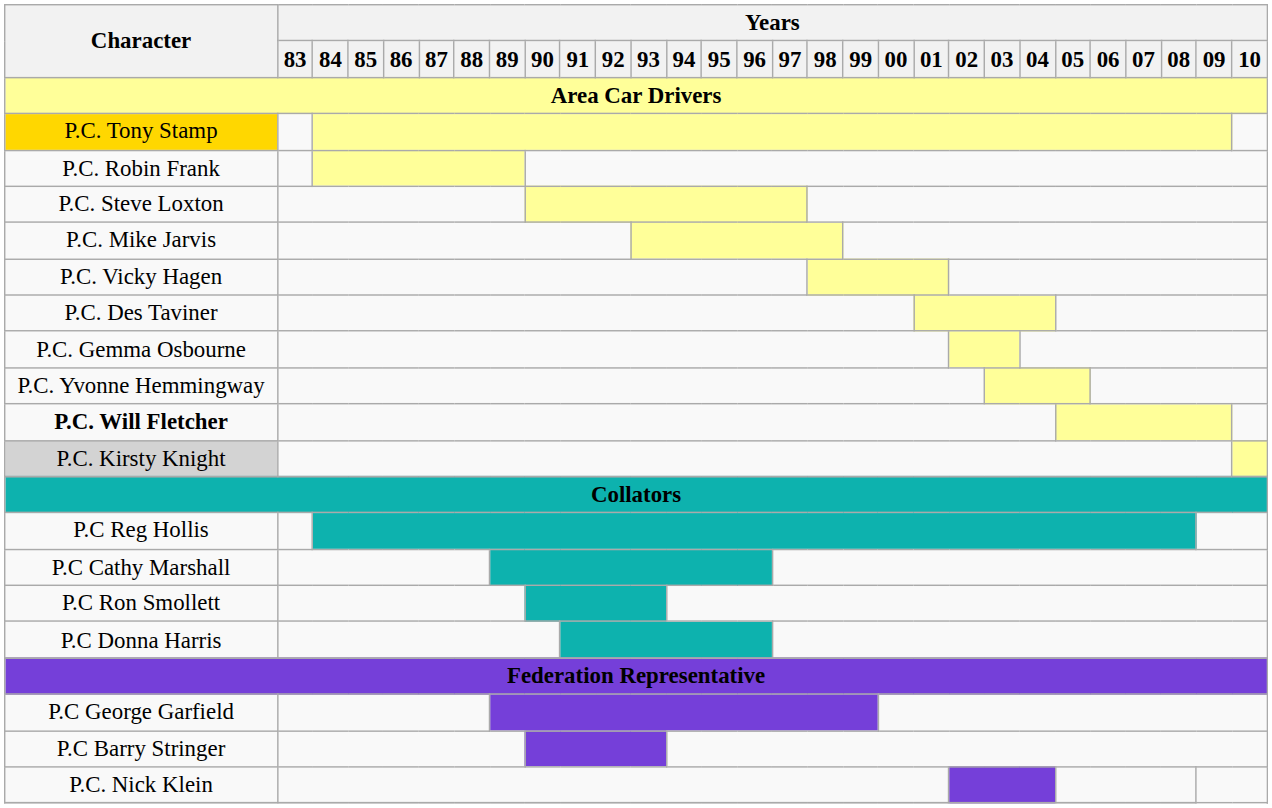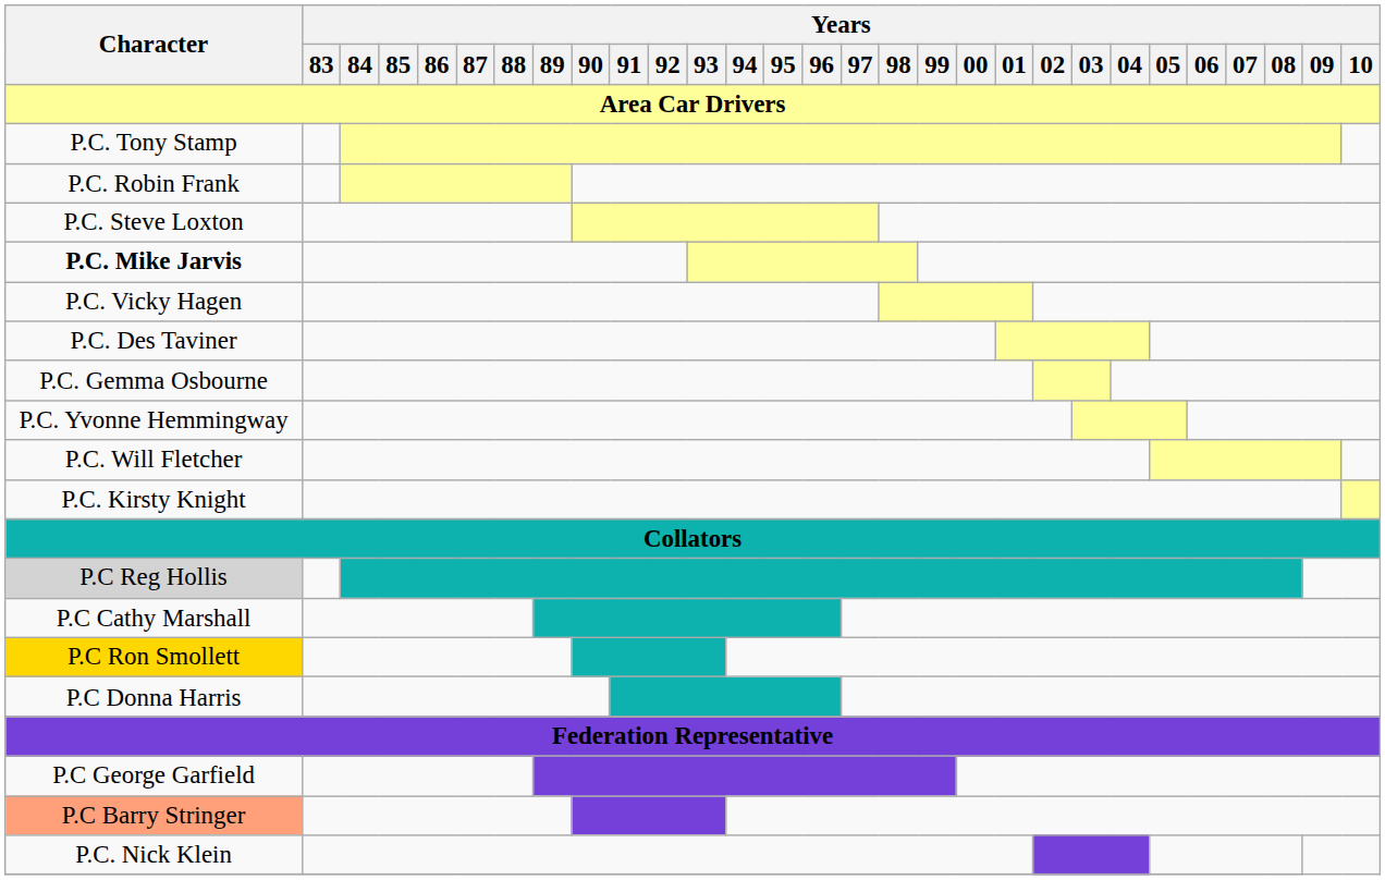 <table class="wikitable" style="text-align:center; width:100%;">
 <tr>
 <th rowspan="2">Character</th>
 <th colspan="28">Years</th>
 </tr>
 <tr>
 <th>83</th>
 <th>84</th>
 <th>85</th>
 <th>86</th>
 <th>87</th>
 <th>88</th>
 <th>89</th>
 <th>90</th>
 <th>91</th>
 <th>92</th>
 <th>93</th>
 <th>94</th>
 <th>95</th>
 <th>96</th>
 <th>97</th>
 <th>98</th>
 <th>99</th>
 <th>00</th>
 <th>01</th>
 <th>02</th>
 <th>03</th>
 <th>04</th>
 <th>05</th>
 <th>06</th>
 <th>07</th>
 <th>08</th>
 <th>09</th>
 <th>10</th>
 </tr>
 <tr>
 <td align="center" colspan="29" style="background:#FFFF99;"><strong>Area Car Drivers</strong></td>
 </tr>
 <tr>
-<td style="background: gold;">P.C. Tony Stamp</td>
+<td>P.C. Tony Stamp</td>
 <td></td>
 <td align="center" colspan="26" style="background:#FFFF99;"></td>
 <td></td>
 </tr>
 <tr>
 <td>P.C. Robin Frank</td>
 <td></td>
 <td align="center" colspan="6" style="background:#FFFF99;"></td>
 <td colspan="21"></td>
 </tr>
 <tr>
 <td>P.C. Steve Loxton</td>
 <td colspan="7"></td>
 <td align="center" colspan="8" style="background:#FFFF99;"></td>
 <td colspan="14"></td>
 </tr>
 <tr>
-<td>P.C. Mike Jarvis</td>
+<td><strong>P.C. Mike Jarvis</strong></td>
 <td colspan="10"></td>
 <td align="center" colspan="6" style="background:#FFFF99;"></td>
 <td colspan="12"></td>
 </tr>
 <tr>
 <td>P.C. Vicky Hagen</td>
 <td colspan="15"></td>
 <td align="center" colspan="4" style="background:#FFFF99;"></td>
 <td colspan="9"></td>
 </tr>
 <tr>
 <td>P.C. Des Taviner</td>
 <td colspan="18"></td>
 <td align="center" colspan="4" style="background:#FFFF99;"></td>
 <td colspan="6"></td>
 </tr>
 <tr>
 <td>P.C. Gemma Osbourne</td>
 <td colspan="19"></td>
 <td align="center" colspan="2" style="background:#FFFF99;"></td>
 <td colspan="7"></td>
 </tr>
 <tr>
 <td>P.C. Yvonne Hemmingway</td>
 <td colspan="20"></td>
 <td align="center" colspan="3" style="background:#FFFF99;"></td>
 <td colspan="5"></td>
 </tr>
 <tr>
-<td><strong>P.C. Will Fletcher</strong></td>
+<td>P.C. Will Fletcher</td>
 <td colspan="22"></td>
 <td align="center" colspan="5" style="background:#FFFF99;"></td>
 <td colspan="1"></td>
 </tr>
 <tr>
-<td style="background: lightgrey;">P.C. Kirsty Knight</td>
+<td>P.C. Kirsty Knight</td>
 <td colspan="27"></td>
 <td align="center" colspan="1" style="background:#FFFF99;"></td>
 </tr>
 <tr>
 </tr>
 <tr>
 <td style="background:#0db2ae;" colspan="29"><strong>Collators</strong></td>
 </tr>
 <tr>
-<td>P.C Reg Hollis</td>
+<td style="background: lightgrey;">P.C Reg Hollis</td>
 <td colspan="1"></td>
 <td align="center" colspan="25" style="background:#0db2ae;"></td>
 <td colspan="9"></td>
 </tr>
 <tr>
 <td>P.C Cathy Marshall</td>
 <td colspan="6"></td>
 <td align="center" colspan="8" style="background:#0db2ae;"></td>
 <td colspan="15"></td>
 </tr>
 <tr>
-<td>P.C Ron Smollett</td>
+<td style="background: gold;">P.C Ron Smollett</td>
 <td colspan="7"></td>
 <td align="center" colspan="4" style="background:#0db2ae;"></td>
 <td colspan="17"></td>
 </tr>
 <tr>
 <td>P.C Donna Harris</td>
 <td colspan="8"></td>
 <td align="center" colspan="6" style="background:#0db2ae;"></td>
 <td colspan="15"></td>
 </tr>
 <tr>
 </tr>
 <tr>
 <td style="background:#753fd9;" colspan="29"><strong>Federation Representative</strong></td>
 </tr>
 <tr>
 <td>P.C George Garfield</td>
 <td colspan="6"></td>
 <td align="center" colspan="11" style="background:#753fd9;"></td>
 <td colspan="15"></td>
 </tr>
 <tr>
-<td>P.C Barry Stringer</td>
+<td style="background: lightsalmon;">P.C Barry Stringer</td>
 <td colspan="7"></td>
 <td align="center" colspan="4" style="background:#753fd9;"></td>
 <td colspan="18"></td>
 </tr>
 <tr>
 <td>P.C. Nick Klein</td>
 <td colspan="19"></td>
 <td colspan="3" align="center" style="background:#753fd9;"></td>
 <td colspan="4"></td>
 </tr>
 <tr>
 </tr>
 </table>
